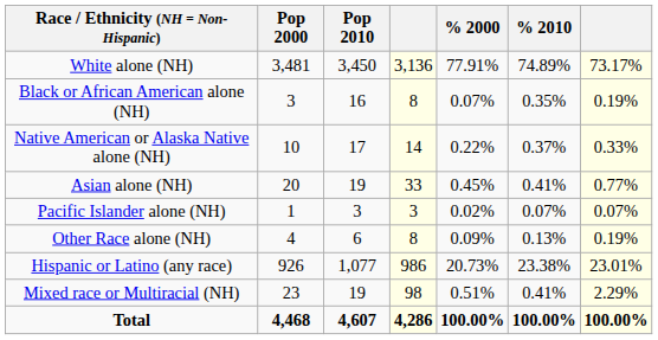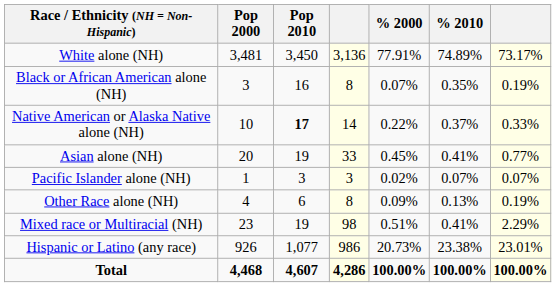 <table class="wikitable" style="text-align:center;">
 <tr>
 <th>Race / Ethnicity <small>(<em>NH = Non-Hispanic</em>)</small></th>
 <th>Pop 2000</th>
 <th>Pop 2010</th>
 <th></th>
 <th>% 2000</th>
 <th>% 2010</th>
 <th></th>
 </tr>
 <tr>
 <td><a href='#'>White</a> alone (NH)</td>
 <td>3,481</td>
 <td>3,450</td>
 <td style='background: #ffffe6;'>3,136</td>
 <td>77.91%</td>
 <td>74.89%</td>
 <td style='background: #ffffe6;'>73.17%</td>
 </tr>
 <tr>
 <td><a href='#'>Black or African American</a> alone (NH)</td>
 <td>3</td>
 <td>16</td>
 <td style='background: #ffffe6;'>8</td>
 <td>0.07%</td>
 <td>0.35%</td>
 <td style='background: #ffffe6;'>0.19%</td>
 </tr>
 <tr>
 <td><a href='#'>Native American</a> or <a href='#'>Alaska Native</a> alone (NH)</td>
 <td>10</td>
-<td>17</td>
+<td><strong>17</strong></td>
 <td style='background: #ffffe6;'>14</td>
 <td>0.22%</td>
 <td>0.37%</td>
 <td style='background: #ffffe6;'>0.33%</td>
 </tr>
 <tr>
 <td><a href='#'>Asian</a> alone (NH)</td>
 <td>20</td>
 <td>19</td>
 <td style='background: #ffffe6;'>33</td>
 <td>0.45%</td>
 <td>0.41%</td>
 <td style='background: #ffffe6;'>0.77%</td>
 </tr>
 <tr>
 <td><a href='#'>Pacific Islander</a> alone (NH)</td>
 <td>1</td>
 <td>3</td>
 <td style='background: #ffffe6;'>3</td>
 <td>0.02%</td>
 <td>0.07%</td>
 <td style='background: #ffffe6;'>0.07%</td>
 </tr>
 <tr>
 <td><a href='#'>Other Race</a> alone (NH)</td>
 <td>4</td>
 <td>6</td>
 <td style='background: #ffffe6;'>8</td>
 <td>0.09%</td>
 <td>0.13%</td>
 <td style='background: #ffffe6;'>0.19%</td>
 </tr>
 <tr>
+<td><a href='#'>Mixed race or Multiracial</a> (NH)</td>
+<td>23</td>
+<td>19</td>
+<td style='background: #ffffe6;'>98</td>
+<td>0.51%</td>
+<td>0.41%</td>
+<td style='background: #ffffe6;'>2.29%</td>
+</tr>
+<tr>
 <td><a href='#'>Hispanic or Latino</a> (any race)</td>
 <td>926</td>
 <td>1,077</td>
 <td style='background: #ffffe6;'>986</td>
 <td>20.73%</td>
 <td>23.38%</td>
 <td style='background: #ffffe6;'>23.01%</td>
-</tr>
-<tr>
-<td><a href='#'>Mixed race or Multiracial</a> (NH)</td>
-<td>23</td>
-<td>19</td>
-<td style='background: #ffffe6;'>98</td>
-<td>0.51%</td>
-<td>0.41%</td>
-<td style='background: #ffffe6;'>2.29%</td>
 </tr>
 <tr>
 <td><strong>Total</strong></td>
 <td><strong>4,468</strong></td>
 <td><strong>4,607</strong></td>
 <td style='background: #ffffe6;'><strong>4,286</strong></td>
 <td><strong>100.00%</strong></td>
 <td><strong>100.00%</strong></td>
 <td style='background: #ffffe6;'><strong>100.00%</strong></td>
 </tr>
 </table>
